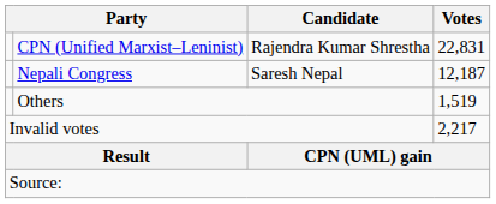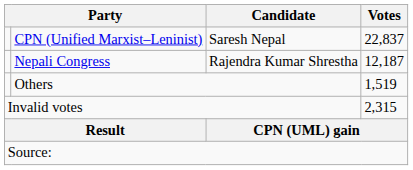 <table class="wikitable">
 <tr>
 <th colspan="2">Party</th>
 <th>Candidate</th>
 <th>Votes</th>
 </tr>
 <tr>
 <td style="background-color:"></td>
 <td><a href='#'>CPN (Unified Marxist–Leninist)</a></td>
-<td>Rajendra Kumar Shrestha</td>
-<td>22,831</td>
+<td>Saresh Nepal</td>
+<td>22,837</td>
 </tr>
 <tr>
 <td style="background-color:"></td>
 <td><a href='#'>Nepali Congress</a></td>
-<td>Saresh Nepal</td>
+<td>Rajendra Kumar Shrestha</td>
 <td>12,187</td>
 </tr>
 <tr>
 <td></td>
 <td colspan="2">Others</td>
 <td>1,519</td>
 </tr>
 <tr>
 <td colspan="3">Invalid votes</td>
-<td>2,217</td>
+<td>2,315</td>
 </tr>
 <tr>
 <th colspan="2">Result</th>
 <th colspan="2">CPN (UML) gain</th>
 </tr>
 <tr>
 <td colspan="4">Source: </td>
 </tr>
 </table>
